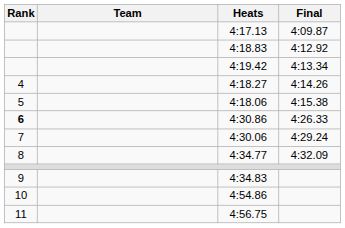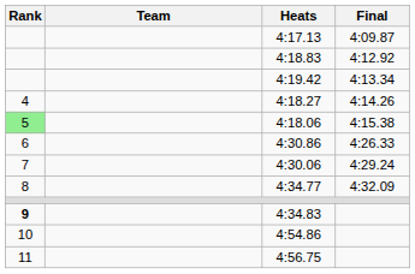 <table class=wikitable style="text-align:center">
 <tr>
 <th width=40>Rank</th>
 <th width=250>Team</th>
 <th width=80>Heats</th>
 <th width=80>Final</th>
 </tr>
 <tr>
 <td></td>
 <td align=left></td>
 <td>4:17.13</td>
 <td>4:09.87</td>
 </tr>
 <tr>
 <td></td>
 <td align=left></td>
 <td>4:18.83</td>
 <td>4:12.92</td>
 </tr>
 <tr>
 <td></td>
 <td align=left></td>
 <td>4:19.42</td>
 <td>4:13.34</td>
 </tr>
 <tr>
 <td>4</td>
 <td align=left></td>
 <td>4:18.27</td>
 <td>4:14.26</td>
 </tr>
 <tr>
-<td>5</td>
+<td style="background: lightgreen;">5</td>
 <td align=left></td>
 <td>4:18.06</td>
 <td>4:15.38</td>
 </tr>
 <tr>
-<td><strong>6</strong></td>
+<td>6</td>
 <td align=left></td>
 <td>4:30.86</td>
 <td>4:26.33</td>
 </tr>
 <tr>
 <td>7</td>
 <td align=left></td>
 <td>4:30.06</td>
 <td>4:29.24</td>
 </tr>
 <tr>
 <td>8</td>
 <td align=left></td>
 <td>4:34.77</td>
 <td>4:32.09</td>
 </tr>
 <tr bgcolor=#DDDDDD>
 <td colspan=4></td>
 </tr>
 <tr>
-<td>9</td>
+<td><strong>9</strong></td>
 <td align=left></td>
 <td>4:34.83</td>
 <td></td>
 </tr>
 <tr>
 <td>10</td>
 <td align=left></td>
 <td>4:54.86</td>
 <td></td>
 </tr>
 <tr>
 <td>11</td>
 <td align=left></td>
 <td>4:56.75</td>
 <td></td>
 </tr>
 </table>
